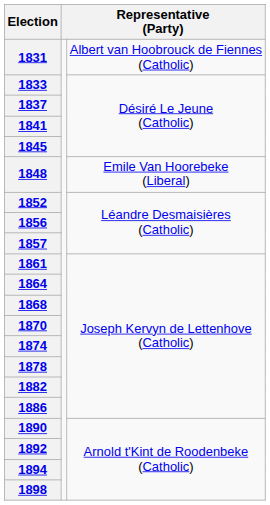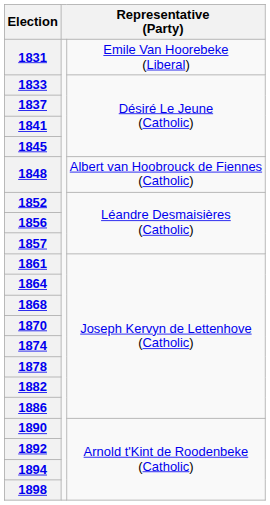 <table class="wikitable" style="text-align:center">
 <tr>
 <th>Election</th>
 <th colspan=2>Representative<br>(Party)</th>
 </tr>
 <tr>
 <th><a href='#'>1831</a></th>
 <td rowspan=21; style="background-color: "></td>
-<td rowspan=1><a href='#'>Albert van Hoobrouck de Fiennes</a><br>(<a href='#'>Catholic</a>)</td>
+<td rowspan=1><a href='#'>Emile Van Hoorebeke</a><br>(<a href='#'>Liberal</a>)</td>
 </tr>
 <tr>
 <th><a href='#'>1833</a></th>
 <td rowspan=4><a href='#'>Désiré Le Jeune</a><br>(<a href='#'>Catholic</a>)</td>
 </tr>
 <tr>
 <th><a href='#'>1837</a></th>
 </tr>
 <tr>
 <th><a href='#'>1841</a></th>
 </tr>
 <tr>
 <th><a href='#'>1845</a></th>
 </tr>
 <tr>
 <th><a href='#'>1848</a></th>
-<td rowspan=1><a href='#'>Emile Van Hoorebeke</a><br>(<a href='#'>Liberal</a>)</td>
+<td rowspan=1><a href='#'>Albert van Hoobrouck de Fiennes</a><br>(<a href='#'>Catholic</a>)</td>
 </tr>
 <tr>
 <th><a href='#'>1852</a></th>
 <td rowspan=3><a href='#'>Léandre Desmaisières</a><br>(<a href='#'>Catholic</a>)</td>
 </tr>
 <tr>
 <th><a href='#'>1856</a></th>
 </tr>
 <tr>
 <th><a href='#'>1857</a></th>
 </tr>
 <tr>
 <th><a href='#'>1861</a></th>
 <td rowspan=8><a href='#'>Joseph Kervyn de Lettenhove</a><br>(<a href='#'>Catholic</a>)</td>
 </tr>
 <tr>
 <th><a href='#'>1864</a></th>
 </tr>
 <tr>
 <th><a href='#'>1868</a></th>
 </tr>
 <tr>
 <th><a href='#'>1870</a></th>
 </tr>
 <tr>
 <th><a href='#'>1874</a></th>
 </tr>
 <tr>
 <th><a href='#'>1878</a></th>
 </tr>
 <tr>
 <th><a href='#'>1882</a></th>
 </tr>
 <tr>
 <th><a href='#'>1886</a></th>
 </tr>
 <tr>
 <th><a href='#'>1890</a></th>
 <td rowspan=4><a href='#'>Arnold t'Kint de Roodenbeke</a><br>(<a href='#'>Catholic</a>)</td>
 </tr>
 <tr>
 <th><a href='#'>1892</a></th>
 </tr>
 <tr>
 <th><a href='#'>1894</a></th>
 </tr>
 <tr>
 <th><a href='#'>1898</a></th>
 </tr>
 </table>
